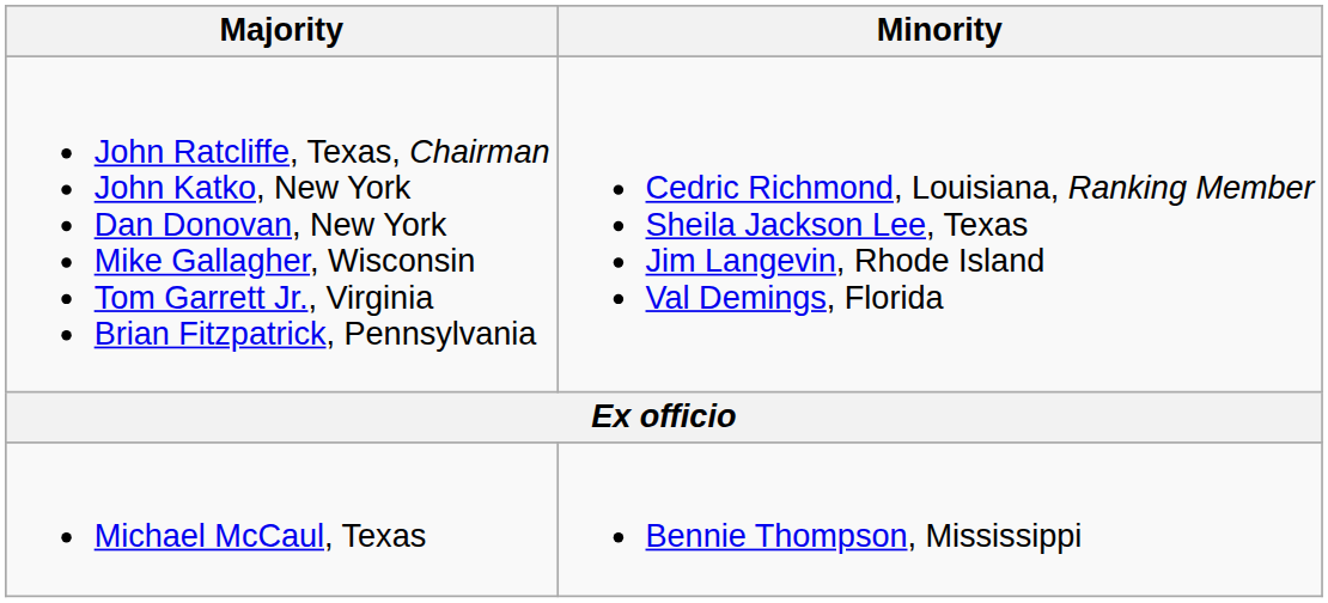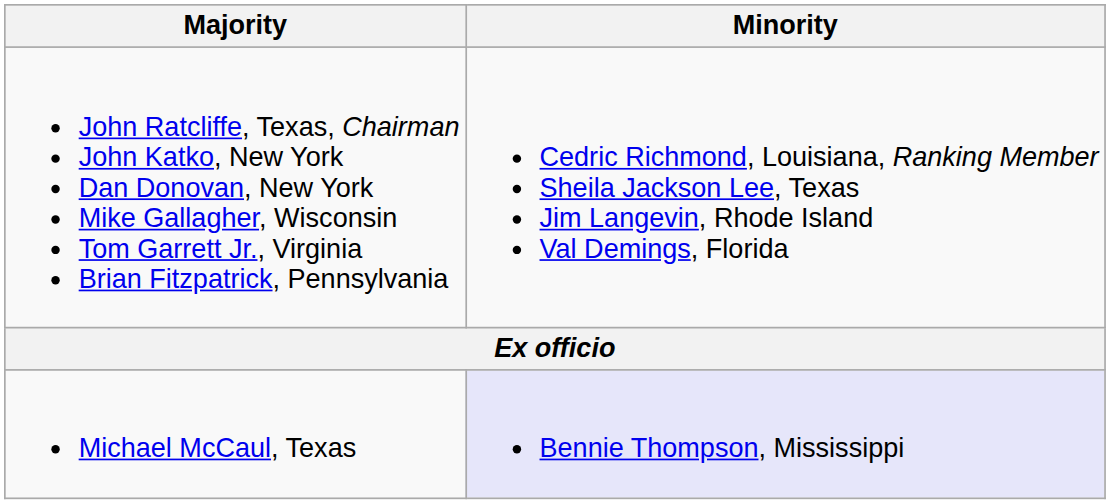 <table class=wikitable>
 <tr>
 <th>Majority</th>
 <th>Minority</th>
 </tr>
 <tr>
 <td><br><ul><li><a href='#'>John Ratcliffe</a>, Texas, <em>Chairman</em></li><li><a href='#'>John Katko</a>, New York</li><li><a href='#'>Dan Donovan</a>, New York</li><li><a href='#'>Mike Gallagher</a>, Wisconsin</li><li><a href='#'>Tom Garrett Jr.</a>, Virginia</li><li><a href='#'>Brian Fitzpatrick</a>, Pennsylvania</li></ul></td>
 <td><br><ul><li><a href='#'>Cedric Richmond</a>, Louisiana, <em>Ranking Member</em></li><li><a href='#'>Sheila Jackson Lee</a>, Texas</li><li><a href='#'>Jim Langevin</a>, Rhode Island</li><li><a href='#'>Val Demings</a>, Florida</li></ul></td>
 </tr>
 <tr>
 <th colspan=2><em>Ex officio</em></th>
 </tr>
 <tr>
 <td><br><ul><li><a href='#'>Michael McCaul</a>, Texas</li></ul></td>
-<td><br><ul><li><a href='#'>Bennie Thompson</a>, Mississippi</li></ul></td>
+<td style="background: lavender;"><br><ul><li><a href='#'>Bennie Thompson</a>, Mississippi</li></ul></td>
 </tr>
 </table>
